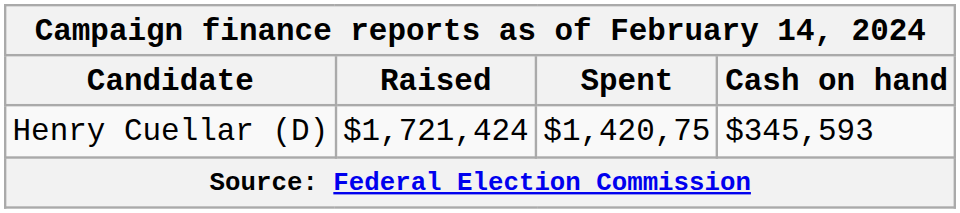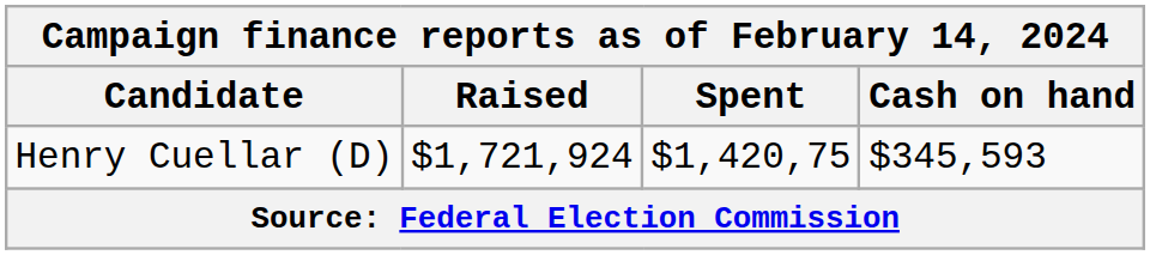 <table class="wikitable sortable">
 <tr>
 <th colspan=4>Campaign finance reports as of February 14, 2024</th>
 </tr>
 <tr style="text-align:center;">
 <th>Candidate</th>
 <th>Raised</th>
 <th>Spent</th>
 <th>Cash on hand</th>
 </tr>
 <tr>
 <td style="color:black;background-color:">Henry Cuellar (D)</td>
-<td>$1,721,424</td>
+<td>$1,721,924</td>
 <td>$1,420,75</td>
 <td>$345,593</td>
 </tr>
 <tr>
 <th colspan="4"><small>Source: <a href='#'>Federal Election Commission</a></small></th>
 </tr>
 </table>
